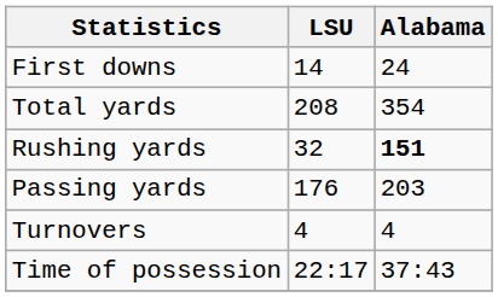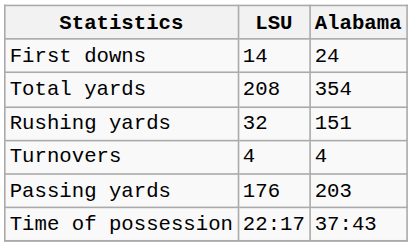 <table class="wikitable" style="float: left;">
 <tr>
 <th>Statistics</th>
 <th>LSU</th>
 <th>Alabama</th>
 </tr>
 <tr>
 <td>First downs</td>
 <td>14</td>
 <td>24</td>
 </tr>
 <tr>
 <td>Total yards</td>
 <td>208</td>
 <td>354</td>
 </tr>
 <tr>
 <td>Rushing yards</td>
 <td>32</td>
-<td><strong>151</strong></td>
+<td>151</td>
+</tr>
+<tr>
+<td>Turnovers</td>
+<td>4</td>
+<td>4</td>
 </tr>
 <tr>
 <td>Passing yards</td>
 <td>176</td>
 <td>203</td>
-</tr>
-<tr>
-<td>Turnovers</td>
-<td>4</td>
-<td>4</td>
 </tr>
 <tr>
 <td>Time of possession</td>
 <td>22:17</td>
 <td>37:43</td>
 </tr>
 <tr>
 </tr>
 </table>
